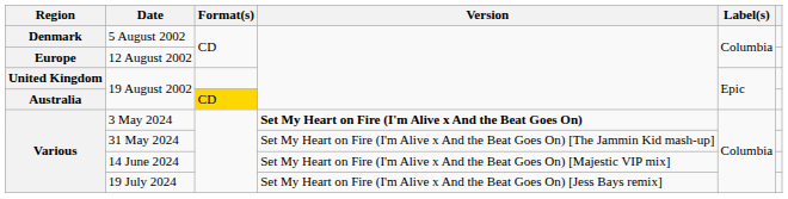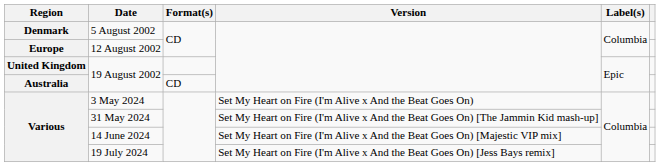 <table class="wikitable plainrowheaders">
 <tr>
 <th scope="col">Region</th>
 <th scope="col">Date</th>
 <th scope="col">Format(s)</th>
 <th scope="col">Version</th>
 <th scope="col">Label(s)</th>
 <th scope="col"></th>
 </tr>
 <tr>
 <th scope="row">Denmark</th>
 <td>5 August 2002</td>
 <td rowspan="2">CD</td>
 <td rowspan="4"></td>
 <td rowspan="2">Columbia</td>
 <td></td>
 </tr>
 <tr>
 <th scope="row">Europe</th>
 <td>12 August 2002</td>
 <td></td>
 </tr>
 <tr>
 <th scope="row">United Kingdom</th>
 <td rowspan="2">19 August 2002</td>
 <td></td>
 <td rowspan="2">Epic</td>
 <td></td>
 </tr>
 <tr>
 <th scope="row">Australia</th>
-<td style="background: gold;">CD</td>
+<td>CD</td>
 <td></td>
 </tr>
 <tr>
 <th scope="row" rowspan="4">Various</th>
 <td>3 May 2024</td>
 <td rowspan="4"></td>
-<td><strong>Set My Heart on Fire (I'm Alive x And the Beat Goes On)</strong></td>
+<td>Set My Heart on Fire (I'm Alive x And the Beat Goes On)</td>
 <td rowspan="4">Columbia</td>
 <td></td>
 </tr>
 <tr>
 <td>31 May 2024</td>
 <td>Set My Heart on Fire (I'm Alive x And the Beat Goes On) [The Jammin Kid mash-up]</td>
 <td></td>
 </tr>
 <tr>
 <td>14 June 2024</td>
 <td>Set My Heart on Fire (I'm Alive x And the Beat Goes On) [Majestic VIP mix]</td>
 <td></td>
 </tr>
 <tr>
 <td>19 July 2024</td>
 <td>Set My Heart on Fire (I'm Alive x And the Beat Goes On) [Jess Bays remix]</td>
 <td></td>
 </tr>
 </table>
